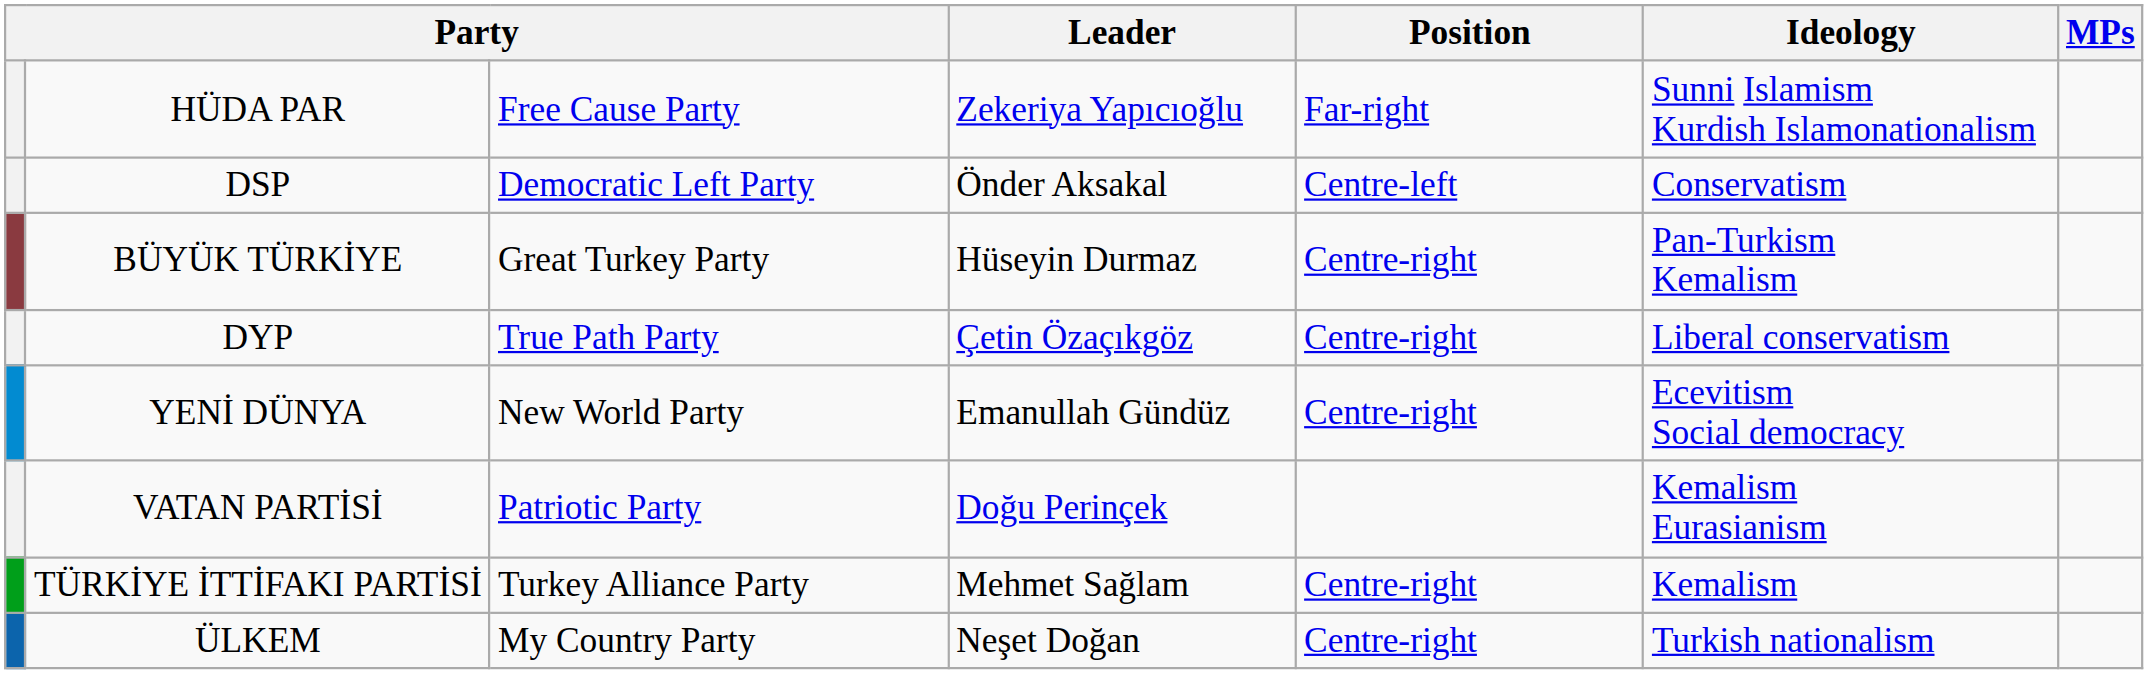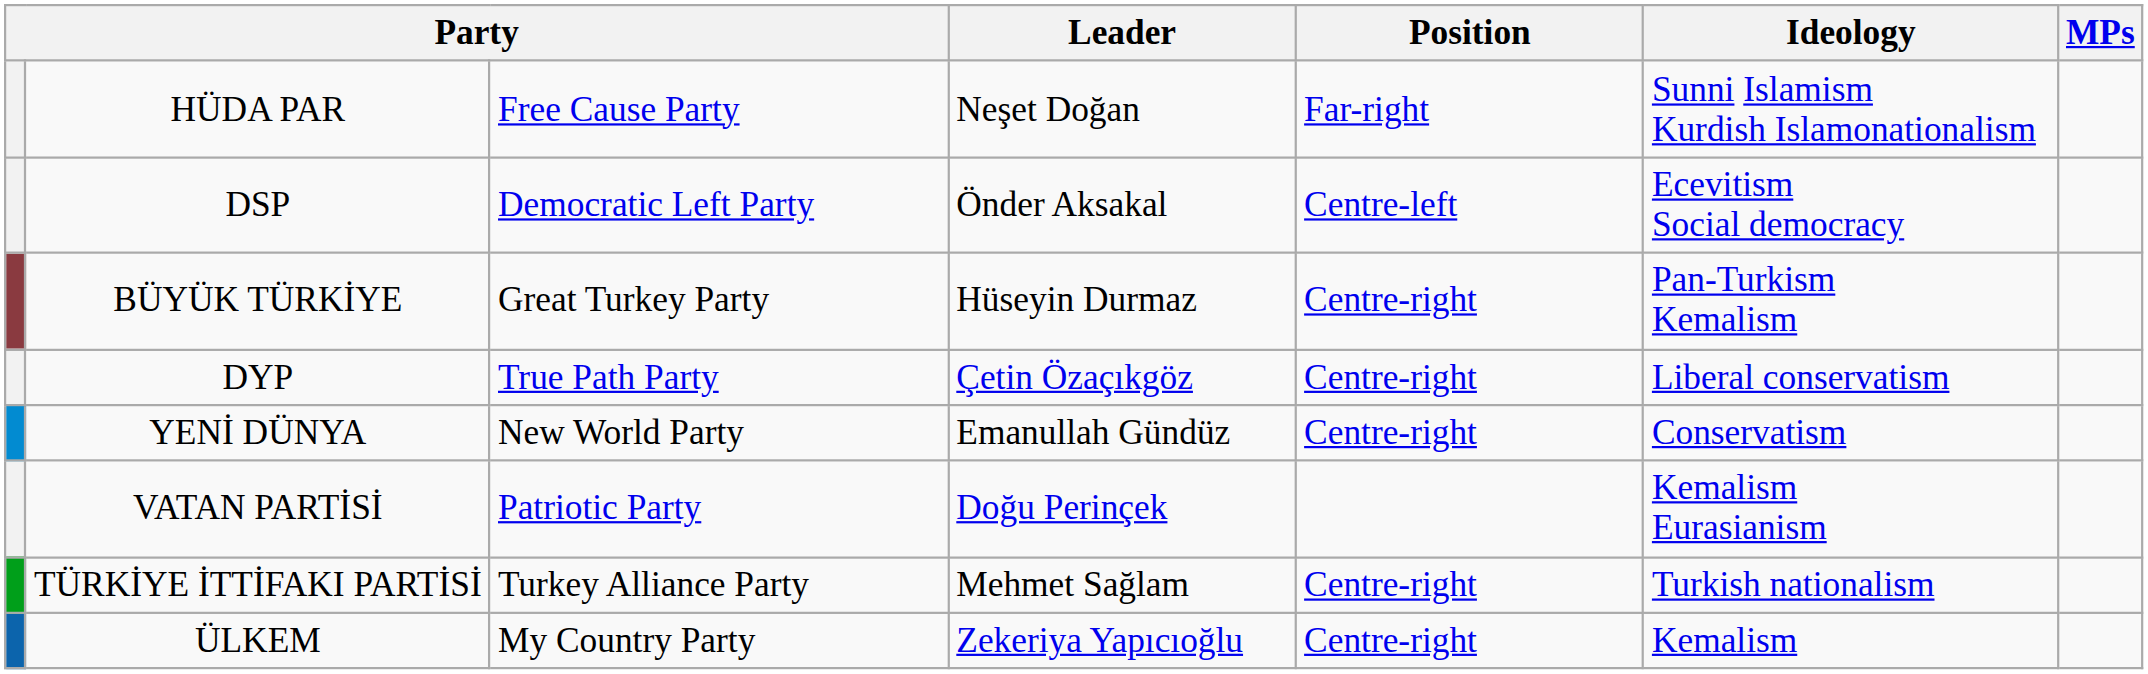 <table class="wikitable">
 <tr>
 <th colspan="3">Party</th>
 <th>Leader</th>
 <th>Position</th>
 <th>Ideology</th>
 <th><a href='#'>MPs</a></th>
 </tr>
 <tr>
 <th style="background:"></th>
 <td align=center>HÜDA PAR</td>
 <td style="width:200px"><a href='#'>Free Cause Party</a><br><small></small></td>
-<td style="width:150px"><a href='#'>Zekeriya Yapıcıoğlu</a></td>
+<td style="width:150px">Neşet Doğan</td>
 <td style="width:100px"><a href='#'>Far-right</a></td>
 <td style="width:180px"><a href='#'>Sunni</a> <a href='#'>Islamism</a><br><a href='#'>Kurdish Islamonationalism</a></td>
 <td></td>
 </tr>
 <tr>
 <th style="background:"></th>
 <td align=center>DSP</td>
 <td style="width:150px"><a href='#'>Democratic Left Party</a><br><small></small></td>
 <td style="width:150px">Önder Aksakal</td>
 <td style="width:150px"><a href='#'>Centre-left</a></td>
-<td style="width:150px"><a href='#'>Conservatism</a></td>
+<td style="width:150px"><a href='#'>Ecevitism</a><br><a href='#'>Social democracy</a></td>
 <td></td>
 </tr>
 <tr>
 <th style="background:#8a3a40; width:2px;"></th>
 <td align=center>BÜYÜK TÜRKİYE</td>
 <td style="width:150px">Great Turkey Party<br><small></small></td>
 <td style="width:150px">Hüseyin Durmaz</td>
 <td style="width:150px"><a href='#'>Centre-right</a></td>
 <td style="width:150px"><a href='#'>Pan-Turkism</a><br><a href='#'>Kemalism</a></td>
 <td></td>
 </tr>
 <tr>
 <th style="background:"></th>
 <td align=center>DYP</td>
 <td style="width:150px"><a href='#'>True Path Party</a><br><small></small></td>
 <td style="width:150px"><a href='#'>Çetin Özaçıkgöz</a></td>
 <td style="width:150px"><a href='#'>Centre-right</a></td>
 <td style="width:150px"><a href='#'>Liberal conservatism</a></td>
 <td></td>
 </tr>
 <tr>
 <th style="background:#028bd1; width:2px;"></th>
 <td align=center>YENİ DÜNYA</td>
 <td style="width:150px">New World Party<br><small></small></td>
 <td style="width:150px">Emanullah Gündüz</td>
 <td style="width:150px"><a href='#'>Centre-right</a></td>
-<td style="width:150px"><a href='#'>Ecevitism</a><br><a href='#'>Social democracy</a></td>
+<td style="width:150px"><a href='#'>Conservatism</a></td>
 <td></td>
 </tr>
 <tr>
 <th style="background:"></th>
 <td align=center>VATAN PARTİSİ</td>
 <td style="width:150px"><a href='#'>Patriotic Party</a><br><small></small></td>
 <td style="width:150px"><a href='#'>Doğu Perinçek</a></td>
 <td style="width:150px"></td>
 <td style="width:150px"><a href='#'>Kemalism</a><br><a href='#'>Eurasianism</a></td>
 <td></td>
 </tr>
 <tr>
 <th style="background:#009F1A; width:2px;"></th>
 <td align=center>TÜRKİYE İTTİFAKI PARTİSİ</td>
 <td style="width:150px">Turkey Alliance Party<br><small></small></td>
 <td style="width:150px">Mehmet Sağlam</td>
 <td style="width:150px"><a href='#'>Centre-right</a></td>
-<td style="width:150px"><a href='#'>Kemalism</a></td>
+<td style="width:150px"><a href='#'>Turkish nationalism</a></td>
 <td></td>
 </tr>
 <tr>
 <th style="background:#0C64AC; width:2px;"></th>
 <td align=center>ÜLKEM</td>
 <td style="width:150px">My Country Party<br><small></small></td>
-<td style="width:150px">Neşet Doğan</td>
+<td style="width:150px"><a href='#'>Zekeriya Yapıcıoğlu</a></td>
 <td style="width:150px"><a href='#'>Centre-right</a></td>
-<td style="width:150px"><a href='#'>Turkish nationalism</a></td>
+<td style="width:150px"><a href='#'>Kemalism</a></td>
 <td></td>
 </tr>
 </table>
